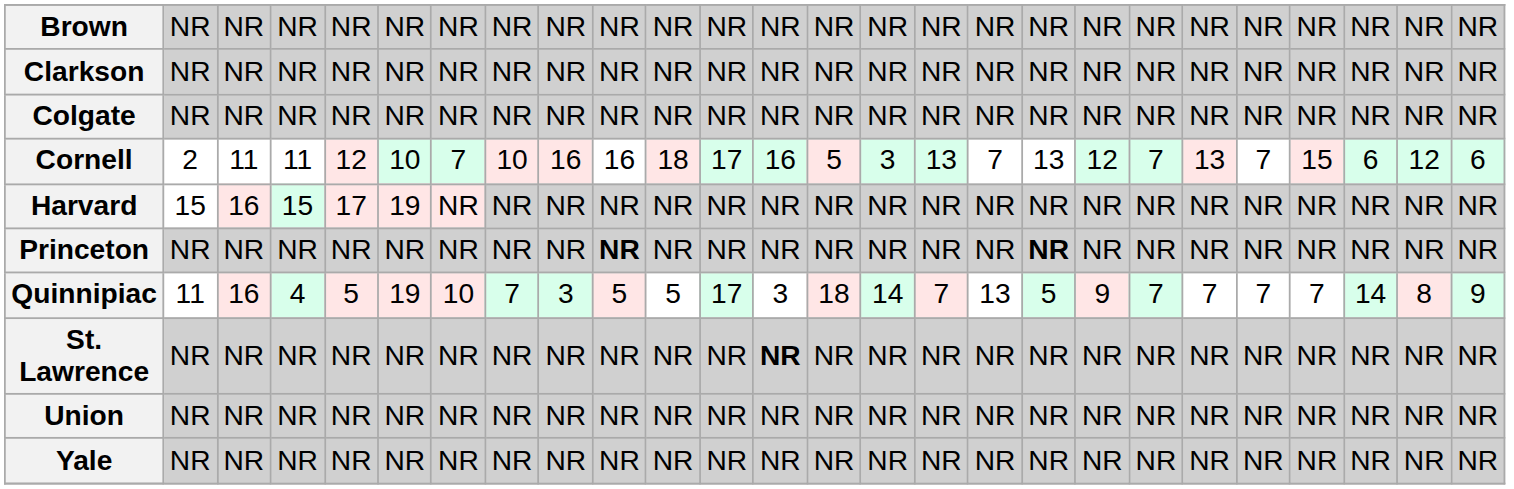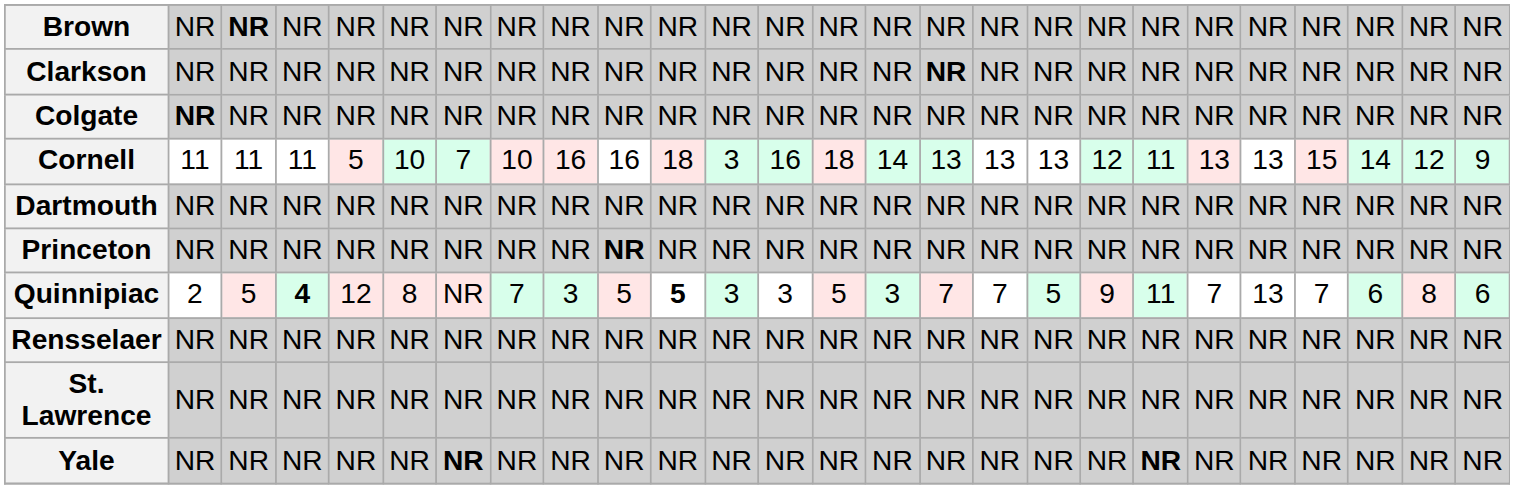 <table class="wikitable sortable" style="text-align: center;">
 <tr>
 </tr>
 <tr bgcolor=d0d0d0>
 <th>Brown</th>
 <td>NR</td>
-<td>NR</td>
+<td><strong>NR</strong></td>
 <td>NR</td>
 <td>NR</td>
 <td>NR</td>
 <td>NR</td>
 <td>NR</td>
 <td>NR</td>
 <td>NR</td>
 <td>NR</td>
 <td>NR</td>
 <td>NR</td>
 <td>NR</td>
 <td>NR</td>
 <td>NR</td>
 <td>NR</td>
 <td>NR</td>
 <td>NR</td>
 <td>NR</td>
 <td>NR</td>
 <td>NR</td>
 <td>NR</td>
 <td>NR</td>
 <td>NR</td>
 <td>NR</td>
 </tr>
 <tr bgcolor=d0d0d0>
 <th>Clarkson</th>
 <td>NR</td>
 <td>NR</td>
 <td>NR</td>
 <td>NR</td>
 <td>NR</td>
 <td>NR</td>
 <td>NR</td>
 <td>NR</td>
 <td>NR</td>
 <td>NR</td>
 <td>NR</td>
 <td>NR</td>
 <td>NR</td>
 <td>NR</td>
-<td>NR</td>
+<td><strong>NR</strong></td>
 <td>NR</td>
 <td>NR</td>
 <td>NR</td>
 <td>NR</td>
 <td>NR</td>
 <td>NR</td>
 <td>NR</td>
 <td>NR</td>
 <td>NR</td>
 <td>NR</td>
 </tr>
 <tr bgcolor=d0d0d0>
 <th>Colgate</th>
-<td>NR</td>
+<td><strong>NR</strong></td>
 <td>NR</td>
 <td>NR</td>
 <td>NR</td>
 <td>NR</td>
 <td>NR</td>
 <td>NR</td>
 <td>NR</td>
 <td>NR</td>
 <td>NR</td>
 <td>NR</td>
 <td>NR</td>
 <td>NR</td>
 <td>NR</td>
 <td>NR</td>
 <td>NR</td>
 <td>NR</td>
 <td>NR</td>
 <td>NR</td>
 <td>NR</td>
 <td>NR</td>
 <td>NR</td>
 <td>NR</td>
 <td>NR</td>
 <td>NR</td>
 </tr>
 <tr bgcolor=d0d0d0>
 <th>Cornell</th>
-<td bgcolor=ffffff>2</td>
 <td bgcolor=ffffff>11</td>
 <td bgcolor=ffffff>11</td>
-<td bgcolor=FFE6E6>12</td>
+<td bgcolor=ffffff>11</td>
+<td bgcolor=FFE6E6>5</td>
 <td bgcolor=D8FFEB>10</td>
 <td bgcolor=D8FFEB>7</td>
 <td bgcolor=FFE6E6>10</td>
 <td bgcolor=FFE6E6>16</td>
 <td bgcolor=ffffff>16</td>
 <td bgcolor=FFE6E6>18</td>
-<td bgcolor=D8FFEB>17</td>
+<td bgcolor=D8FFEB>3</td>
 <td bgcolor=D8FFEB>16</td>
-<td bgcolor=FFE6E6>5</td>
-<td bgcolor=D8FFEB>3</td>
+<td bgcolor=FFE6E6>18</td>
+<td bgcolor=D8FFEB>14</td>
 <td bgcolor=D8FFEB>13</td>
-<td bgcolor=ffffff>7</td>
+<td bgcolor=ffffff>13</td>
 <td bgcolor=ffffff>13</td>
 <td bgcolor=D8FFEB>12</td>
-<td bgcolor=D8FFEB>7</td>
+<td bgcolor=D8FFEB>11</td>
 <td bgcolor=FFE6E6>13</td>
-<td bgcolor=ffffff>7</td>
+<td bgcolor=ffffff>13</td>
 <td bgcolor=FFE6E6>15</td>
-<td bgcolor=D8FFEB>6</td>
+<td bgcolor=D8FFEB>14</td>
 <td bgcolor=D8FFEB>12</td>
-<td bgcolor=D8FFEB>6</td>
+<td bgcolor=D8FFEB>9</td>
 </tr>
 <tr bgcolor=d0d0d0>
-<th>Harvard</th>
-<td bgcolor=ffffff>15</td>
-<td bgcolor=FFE6E6>16</td>
-<td bgcolor=D8FFEB>15</td>
-<td bgcolor=FFE6E6>17</td>
-<td bgcolor=FFE6E6>19</td>
-<td bgcolor=FFE6E6>NR</td>
+<th>Dartmouth</th>
+<td>NR</td>
+<td>NR</td>
+<td>NR</td>
+<td>NR</td>
+<td>NR</td>
+<td>NR</td>
 <td>NR</td>
 <td>NR</td>
 <td>NR</td>
 <td>NR</td>
 <td>NR</td>
 <td>NR</td>
 <td>NR</td>
 <td>NR</td>
 <td>NR</td>
 <td>NR</td>
 <td>NR</td>
 <td>NR</td>
 <td>NR</td>
 <td>NR</td>
 <td>NR</td>
 <td>NR</td>
 <td>NR</td>
 <td>NR</td>
 <td>NR</td>
 </tr>
 <tr bgcolor=d0d0d0>
 <th>Princeton</th>
 <td>NR</td>
 <td>NR</td>
 <td>NR</td>
 <td>NR</td>
 <td>NR</td>
 <td>NR</td>
 <td>NR</td>
 <td>NR</td>
 <td><strong>NR</strong></td>
 <td>NR</td>
 <td>NR</td>
 <td>NR</td>
 <td>NR</td>
 <td>NR</td>
 <td>NR</td>
 <td>NR</td>
-<td><strong>NR</strong></td>
+<td>NR</td>
 <td>NR</td>
 <td>NR</td>
 <td>NR</td>
 <td>NR</td>
 <td>NR</td>
 <td>NR</td>
 <td>NR</td>
 <td>NR</td>
 </tr>
 <tr bgcolor=d0d0d0>
 <th>Quinnipiac</th>
-<td bgcolor=ffffff>11</td>
-<td bgcolor=FFE6E6>16</td>
-<td bgcolor=D8FFEB>4</td>
+<td bgcolor=ffffff>2</td>
 <td bgcolor=FFE6E6>5</td>
-<td bgcolor=FFE6E6>19</td>
-<td bgcolor=FFE6E6>10</td>
+<td bgcolor=D8FFEB><strong>4</strong></td>
+<td bgcolor=FFE6E6>12</td>
+<td bgcolor=FFE6E6>8</td>
+<td bgcolor=FFE6E6>NR</td>
 <td bgcolor=D8FFEB>7</td>
 <td bgcolor=D8FFEB>3</td>
 <td bgcolor=FFE6E6>5</td>
-<td bgcolor=ffffff>5</td>
-<td bgcolor=D8FFEB>17</td>
+<td bgcolor=ffffff><strong>5</strong></td>
+<td bgcolor=D8FFEB>3</td>
 <td bgcolor=ffffff>3</td>
-<td bgcolor=FFE6E6>18</td>
-<td bgcolor=D8FFEB>14</td>
+<td bgcolor=FFE6E6>5</td>
+<td bgcolor=D8FFEB>3</td>
 <td bgcolor=FFE6E6>7</td>
-<td bgcolor=ffffff>13</td>
+<td bgcolor=ffffff>7</td>
 <td bgcolor=D8FFEB>5</td>
 <td bgcolor=FFE6E6>9</td>
-<td bgcolor=D8FFEB>7</td>
+<td bgcolor=D8FFEB>11</td>
 <td bgcolor=ffffff>7</td>
+<td bgcolor=ffffff>13</td>
 <td bgcolor=ffffff>7</td>
-<td bgcolor=ffffff>7</td>
-<td bgcolor=D8FFEB>14</td>
+<td bgcolor=D8FFEB>6</td>
 <td bgcolor=FFE6E6>8</td>
-<td bgcolor=D8FFEB>9</td>
+<td bgcolor=D8FFEB>6</td>
 </tr>
 <tr bgcolor=d0d0d0>
-<th>St. Lawrence</th>
+<th>Rensselaer</th>
 <td>NR</td>
 <td>NR</td>
 <td>NR</td>
 <td>NR</td>
 <td>NR</td>
 <td>NR</td>
 <td>NR</td>
 <td>NR</td>
 <td>NR</td>
 <td>NR</td>
 <td>NR</td>
-<td><strong>NR</strong></td>
+<td>NR</td>
 <td>NR</td>
 <td>NR</td>
 <td>NR</td>
 <td>NR</td>
 <td>NR</td>
 <td>NR</td>
 <td>NR</td>
 <td>NR</td>
 <td>NR</td>
 <td>NR</td>
 <td>NR</td>
 <td>NR</td>
 <td>NR</td>
 </tr>
 <tr bgcolor=d0d0d0>
-<th>Union</th>
+<th>St. Lawrence</th>
 <td>NR</td>
 <td>NR</td>
 <td>NR</td>
 <td>NR</td>
 <td>NR</td>
 <td>NR</td>
 <td>NR</td>
 <td>NR</td>
 <td>NR</td>
 <td>NR</td>
 <td>NR</td>
 <td>NR</td>
 <td>NR</td>
 <td>NR</td>
 <td>NR</td>
 <td>NR</td>
 <td>NR</td>
 <td>NR</td>
 <td>NR</td>
 <td>NR</td>
 <td>NR</td>
 <td>NR</td>
 <td>NR</td>
 <td>NR</td>
 <td>NR</td>
 </tr>
 <tr bgcolor=d0d0d0>
 <th>Yale</th>
 <td>NR</td>
 <td>NR</td>
 <td>NR</td>
 <td>NR</td>
 <td>NR</td>
+<td><strong>NR</strong></td>
 <td>NR</td>
 <td>NR</td>
 <td>NR</td>
 <td>NR</td>
 <td>NR</td>
 <td>NR</td>
 <td>NR</td>
 <td>NR</td>
 <td>NR</td>
 <td>NR</td>
 <td>NR</td>
 <td>NR</td>
-<td>NR</td>
-<td>NR</td>
+<td><strong>NR</strong></td>
 <td>NR</td>
 <td>NR</td>
 <td>NR</td>
 <td>NR</td>
 <td>NR</td>
 <td>NR</td>
 </tr>
 <tr>
 </tr>
 </table>
